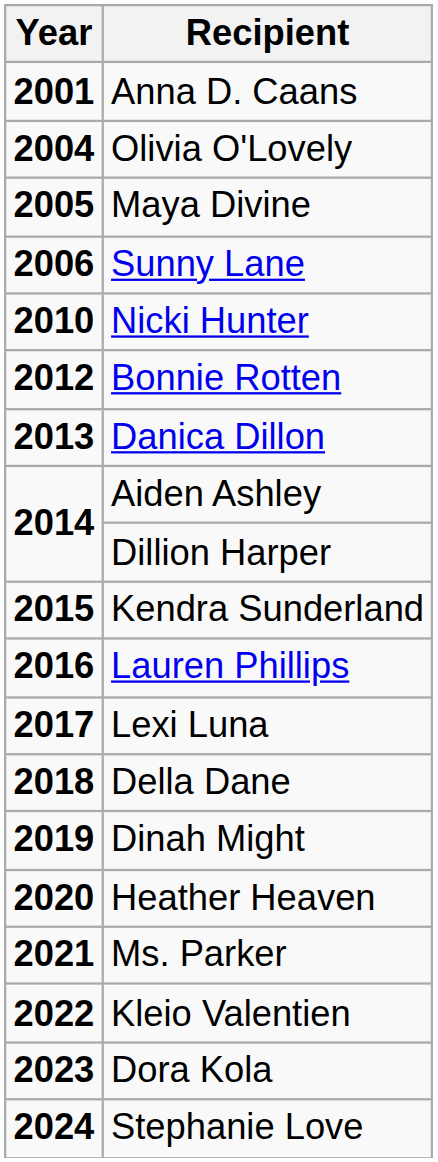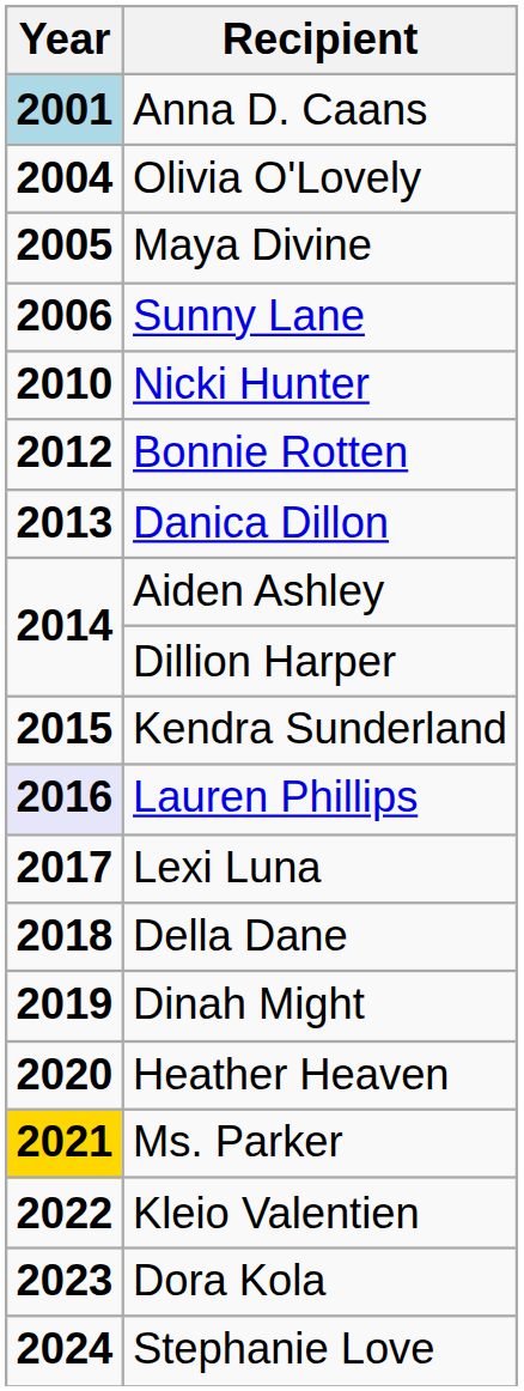 <table class="wikitable">
 <tr>
 <th>Year</th>
 <th>Recipient</th>
 </tr>
 <tr>
-<td><strong>2001</strong></td>
+<td style="background: lightblue;"><strong>2001</strong></td>
 <td>Anna D. Caans</td>
 </tr>
 <tr>
 <td><strong>2004</strong></td>
 <td>Olivia O'Lovely</td>
 </tr>
 <tr>
 <td><strong>2005</strong></td>
 <td>Maya Divine</td>
 </tr>
 <tr>
 <td><strong>2006</strong></td>
 <td><a href='#'>Sunny Lane</a></td>
 </tr>
 <tr>
 <td><strong>2010</strong></td>
 <td><a href='#'>Nicki Hunter</a></td>
 </tr>
 <tr>
 <td><strong>2012</strong></td>
 <td><a href='#'>Bonnie Rotten</a></td>
 </tr>
 <tr>
 <td><strong>2013</strong></td>
 <td><a href='#'>Danica Dillon</a></td>
 </tr>
 <tr>
 <td rowspan="2"><strong>2014</strong></td>
 <td>Aiden Ashley</td>
 </tr>
 <tr>
 <td>Dillion Harper</td>
 </tr>
 <tr>
 <td><strong>2015</strong></td>
 <td>Kendra Sunderland</td>
 </tr>
 <tr>
-<td><strong>2016</strong></td>
+<td style="background: lavender;"><strong>2016</strong></td>
 <td><a href='#'>Lauren Phillips</a></td>
 </tr>
 <tr>
 <td><strong>2017</strong></td>
 <td>Lexi Luna</td>
 </tr>
 <tr>
 <td><strong>2018</strong></td>
 <td>Della Dane</td>
 </tr>
 <tr>
 <td><strong>2019</strong></td>
 <td>Dinah Might</td>
 </tr>
 <tr>
 <td><strong>2020</strong></td>
 <td>Heather Heaven</td>
 </tr>
 <tr>
-<td><strong>2021</strong></td>
+<td style="background: gold;"><strong>2021</strong></td>
 <td>Ms. Parker</td>
 </tr>
 <tr>
 <td><strong>2022</strong></td>
 <td>Kleio Valentien</td>
 </tr>
 <tr>
 <td><strong>2023</strong></td>
 <td>Dora Kola</td>
 </tr>
 <tr>
 <td><strong>2024</strong></td>
 <td>Stephanie Love</td>
 </tr>
 </table>
